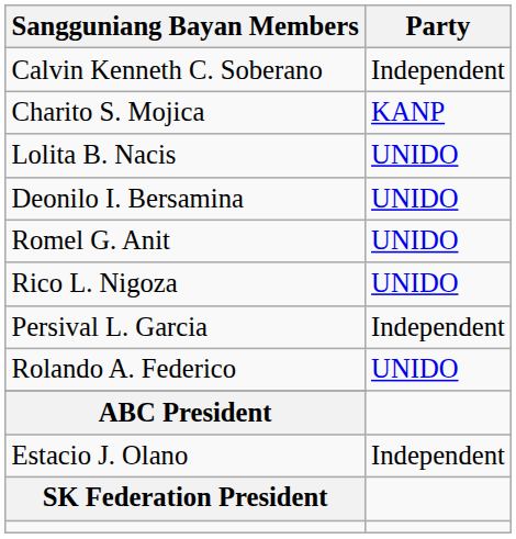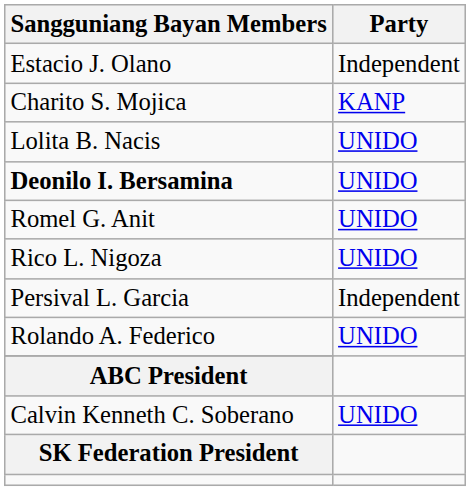 <table class="wikitable">
 <tr>
 <th>Sangguniang Bayan Members</th>
 <th>Party</th>
 </tr>
 <tr>
-<td>Calvin Kenneth C. Soberano</td>
+<td>Estacio J. Olano</td>
 <td>Independent</td>
 </tr>
 <tr>
 <td>Charito S. Mojica</td>
 <td><a href='#'>KANP</a></td>
 </tr>
 <tr>
 <td>Lolita B. Nacis</td>
 <td><a href='#'>UNIDO</a></td>
 </tr>
 <tr>
-<td>Deonilo I. Bersamina</td>
+<td><strong>Deonilo I. Bersamina</strong></td>
 <td><a href='#'>UNIDO</a></td>
 </tr>
 <tr>
 <td>Romel G. Anit</td>
 <td><a href='#'>UNIDO</a></td>
 </tr>
 <tr>
 <td>Rico L. Nigoza</td>
 <td><a href='#'>UNIDO</a></td>
 </tr>
 <tr>
 <td>Persival L. Garcia</td>
 <td>Independent</td>
 </tr>
 <tr>
 <td>Rolando A. Federico</td>
 <td><a href='#'>UNIDO</a></td>
 </tr>
 <tr>
 </tr>
 <tr>
 <th>ABC President</th>
 </tr>
 <tr>
-<td>Estacio J. Olano</td>
-<td>Independent</td>
+<td>Calvin Kenneth C. Soberano</td>
+<td><a href='#'>UNIDO</a></td>
 </tr>
 <tr>
 <th>SK Federation President</th>
 </tr>
 <tr Migs>
 <td></td>
 <td></td>
 </tr>
 </table>
